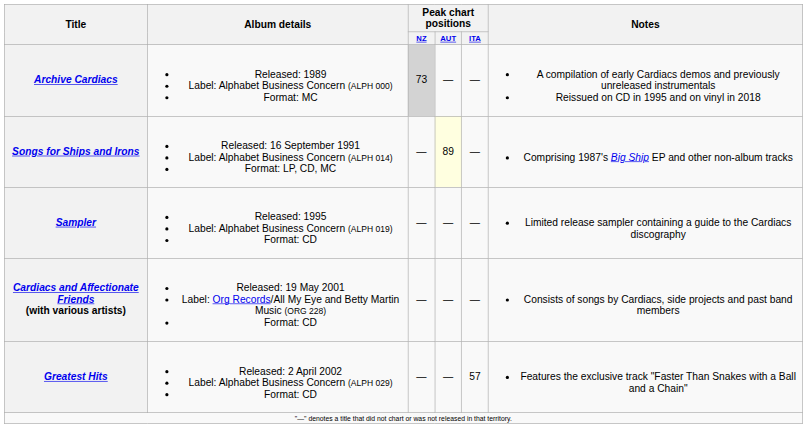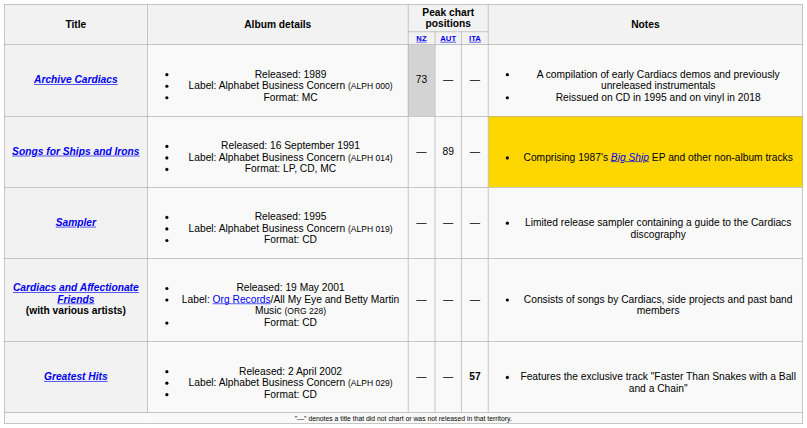 <table class="wikitable plainrowheaders" style="text-align:center;">
 <tr>
 <th rowspan="2" scope="col">Title</th>
 <th rowspan="2" scope="col">Album details</th>
 <th colspan="3" scope="col">Peak chart positions</th>
 <th rowspan="2" scope="col" style="width=">Notes</th>
 </tr>
 <tr>
 <th style="width:3em;font-size:75%;"><a href='#'>NZ</a><br></th>
 <th style="width:3em;font-size:75%;"><a href='#'>AUT</a><br></th>
 <th style="width:3em;font-size:75%;"><a href='#'>ITA</a><br></th>
 </tr>
 <tr>
 <th scope="row"><em><a href='#'>Archive Cardiacs</a></em></th>
 <td><br><ul><li>Released: 1989</li><li>Label: Alphabet Business Concern <small>(ALPH 000)</small></li><li>Format: MC</li></ul></td>
 <td align="center" style="background: lightgrey;">73</td>
 <td>—</td>
 <td>—</td>
 <td><br><ul><li>A compilation of early Cardiacs demos and previously unreleased instrumentals</li><li>Reissued on CD in 1995 and on vinyl in 2018</li></ul></td>
 </tr>
 <tr>
 <th scope="row"><em><a href='#'>Songs for Ships and Irons</a></em></th>
 <td><br><ul><li>Released: 16 September 1991</li><li>Label: Alphabet Business Concern <small>(ALPH 014)</small></li><li>Format: LP, CD, MC</li></ul></td>
 <td align="center">—</td>
-<td style="background: lightyellow;">89</td>
+<td>89</td>
 <td>—</td>
-<td><br><ul><li>Comprising 1987's <em><a href='#'>Big Ship</a></em> EP and other non-album tracks</li></ul></td>
+<td style="background: gold;"><br><ul><li>Comprising 1987's <em><a href='#'>Big Ship</a></em> EP and other non-album tracks</li></ul></td>
 </tr>
 <tr>
 <th scope="row"><em><a href='#'>Sampler</a></em></th>
 <td><br><ul><li>Released: 1995</li><li>Label: Alphabet Business Concern <small>(ALPH 019)</small></li><li>Format: CD</li></ul></td>
 <td align="center">—</td>
 <td>—</td>
 <td>—</td>
 <td><br><ul><li>Limited release sampler containing a guide to the Cardiacs discography</li></ul></td>
 </tr>
 <tr>
 <th scope="row"><em><a href='#'>Cardiacs and Affectionate Friends</a></em><br><span>(with various artists)</span></th>
 <td><br><ul><li>Released: 19 May 2001</li><li>Label: <a href='#'>Org Records</a>/All My Eye and Betty Martin Music <small>(ORG 228)</small></li><li>Format: CD</li></ul></td>
 <td align="center">—</td>
 <td>—</td>
 <td>—</td>
 <td><br><ul><li>Consists of songs by Cardiacs, side projects and past band members</li></ul></td>
 </tr>
 <tr>
 <th scope="row"><em><a href='#'>Greatest Hits</a></em></th>
 <td><br><ul><li>Released: 2 April 2002</li><li>Label: Alphabet Business Concern <small>(ALPH 029)</small></li><li>Format: CD</li></ul></td>
 <td align="center">—</td>
 <td>—</td>
-<td>57</td>
+<td><strong>57</strong></td>
 <td><br><ul><li>Features the exclusive track "Faster Than Snakes with a Ball and a Chain"</li></ul></td>
 </tr>
 <tr>
 <td colspan="6" align="center" style="font-size: 8pt">"—" denotes a title that did not chart or was not released in that territory.</td>
 </tr>
 </table>
